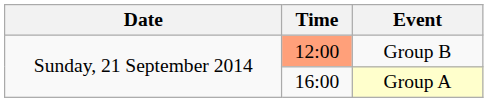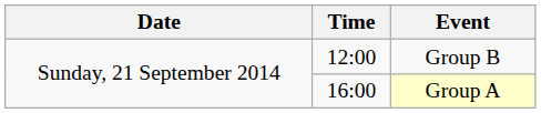 <table class = "wikitable" style="text-align:center;">
 <tr>
 <th width=220>Date</th>
 <th width=50>Time</th>
 <th width=100>Event</th>
 </tr>
 <tr>
 <td rowspan=2>Sunday, 21 September 2014</td>
-<td style="background: lightsalmon;">12:00</td>
+<td>12:00</td>
 <td>Group B</td>
 </tr>
 <tr>
 <td>16:00</td>
 <td bgcolor=ffffcc>Group A</td>
 </tr>
 </table>
